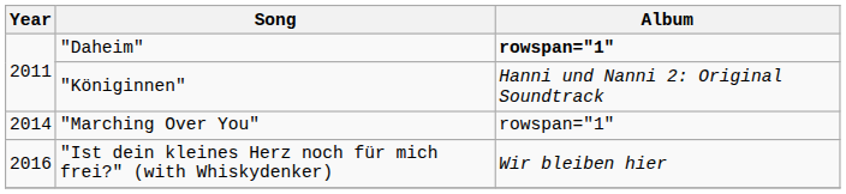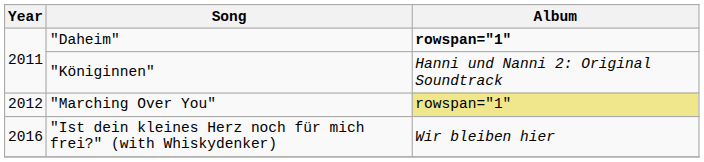 <table class="wikitable">
 <tr>
 <th>Year</th>
 <th style="width:320px;">Song</th>
 <th style="width:250px;">Album</th>
 </tr>
 <tr>
 <td rowspan="2">2011</td>
 <td>"Daheim"</td>
 <td><strong>rowspan="1" </strong></td>
 </tr>
 <tr>
 <td>"Königinnen"</td>
 <td><em>Hanni und Nanni 2: Original Soundtrack</em></td>
 </tr>
 <tr>
-<td rowspan="1">2014</td>
+<td rowspan="1">2012</td>
 <td>"Marching Over You"</td>
-<td>rowspan="1" </td>
+<td style="background: khaki;">rowspan="1" </td>
 </tr>
 <tr>
 <td>2016</td>
 <td>"Ist dein kleines Herz noch für mich frei?" (with Whiskydenker)</td>
 <td><em>Wir bleiben hier</em></td>
 </tr>
 <tr>
 </tr>
 </table>
